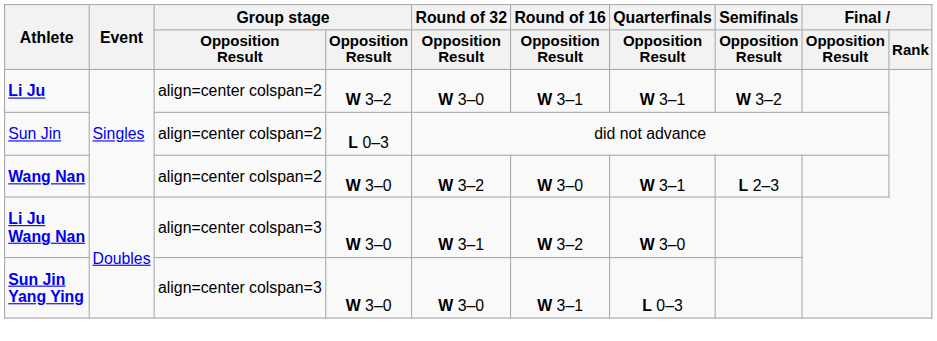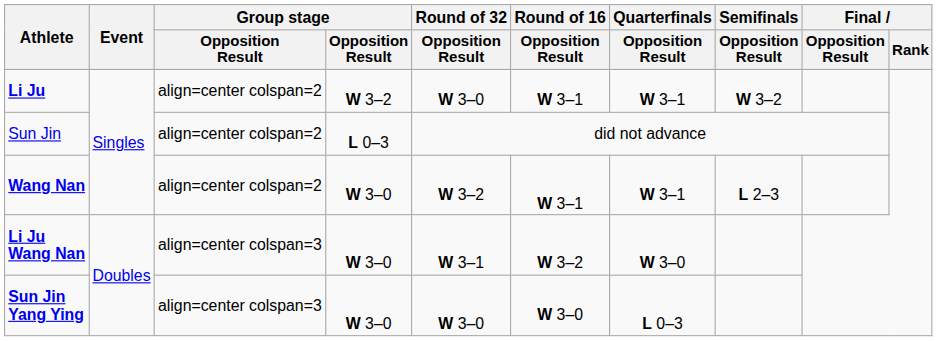 <table class="wikitable" style="font-size:90%">
 <tr>
 <th rowspan="2">Athlete</th>
 <th rowspan="2">Event</th>
 <th colspan="2">Group stage</th>
 <th>Round of 32</th>
 <th>Round of 16</th>
 <th>Quarterfinals</th>
 <th>Semifinals</th>
 <th colspan=2>Final / </th>
 </tr>
 <tr style="font-size:95%">
 <th>Opposition<br>Result</th>
 <th>Opposition<br>Result</th>
 <th>Opposition<br>Result</th>
 <th>Opposition<br>Result</th>
 <th>Opposition<br>Result</th>
 <th>Opposition<br>Result</th>
 <th>Opposition<br>Result</th>
 <th>Rank</th>
 </tr>
 <tr>
 <td align=left><strong><a href='#'>Li Ju</a></strong></td>
 <td align=left rowspan=3><a href='#'>Singles</a></td>
 <td>align=center colspan=2 </td>
 <td align=center><br><strong>W</strong> 3–2</td>
 <td align=center><br><strong>W</strong> 3–0</td>
 <td align=center><br><strong>W</strong> 3–1</td>
 <td align=center><br><strong>W</strong> 3–1</td>
 <td align=center><br><strong>W</strong> 3–2</td>
 <td align=center></td>
 </tr>
 <tr>
 <td align=left><a href='#'>Sun Jin</a></td>
 <td>align=center colspan=2 </td>
 <td align=center><br><strong>L</strong> 0–3</td>
 <td align=center colspan=5>did not advance</td>
 </tr>
 <tr>
 <td align=left><strong><a href='#'>Wang Nan</a></strong></td>
 <td>align=center colspan=2 </td>
 <td align=center><br><strong>W</strong> 3–0</td>
 <td align=center><br><strong>W</strong> 3–2</td>
-<td align=center><br><strong>W</strong> 3–0</td>
+<td align=center><br> <br><strong>W</strong> 3–1</td>
 <td align=center><br><strong>W</strong> 3–1</td>
 <td align=center><br><strong>L</strong> 2–3</td>
 <td align=center></td>
 </tr>
 <tr>
 <td align=left><strong><a href='#'>Li Ju</a></strong><br> <strong><a href='#'>Wang Nan</a></strong></td>
 <td align=left rowspan=2><a href='#'>Doubles</a></td>
 <td>align=center colspan=3 </td>
 <td align=center><br> <br><strong>W</strong> 3–0</td>
 <td align=center><br> <br><strong>W</strong> 3–1</td>
 <td align=center><br> <br><strong>W</strong> 3–2</td>
 <td align=center><br> <br><strong>W</strong> 3–0</td>
 <td align=center></td>
 </tr>
 <tr>
 <td align=left><strong><a href='#'>Sun Jin</a></strong><br> <strong><a href='#'>Yang Ying</a></strong></td>
 <td>align=center colspan=3 </td>
 <td align=center><br> <br><strong>W</strong> 3–0</td>
 <td align=center><br> <br><strong>W</strong> 3–0</td>
-<td align=center><br> <br><strong>W</strong> 3–1</td>
+<td align=center><br><strong>W</strong> 3–0</td>
 <td align=center><br> <br><strong>L</strong> 0–3</td>
 <td align=center></td>
 </tr>
 </table>
